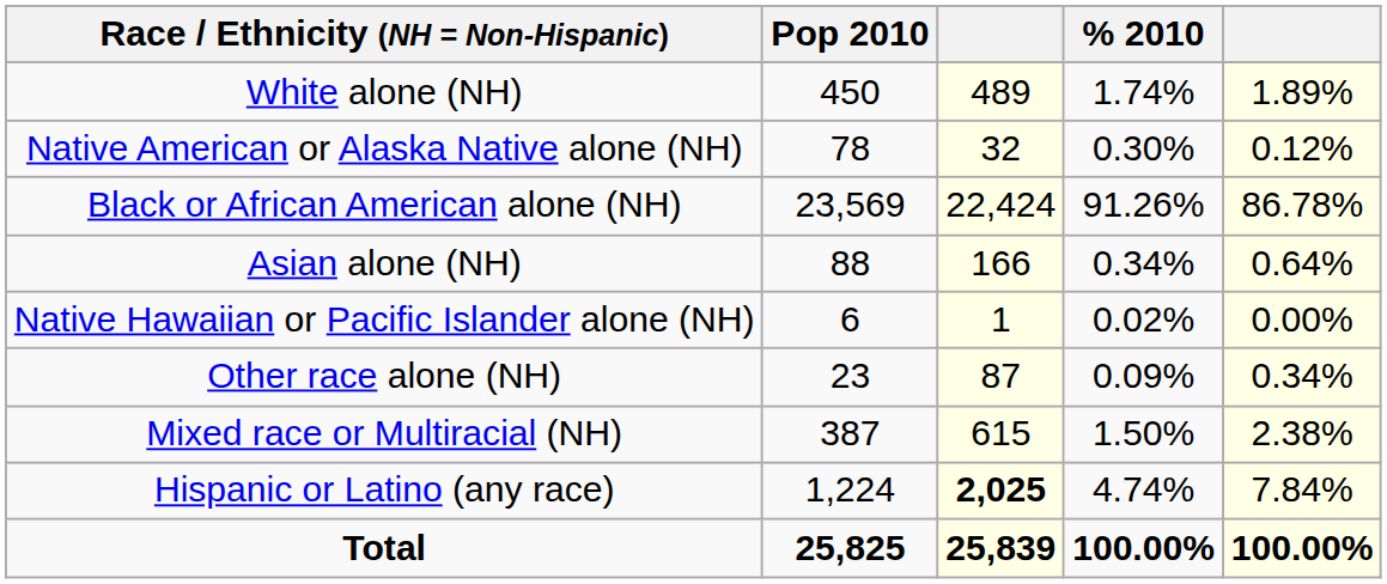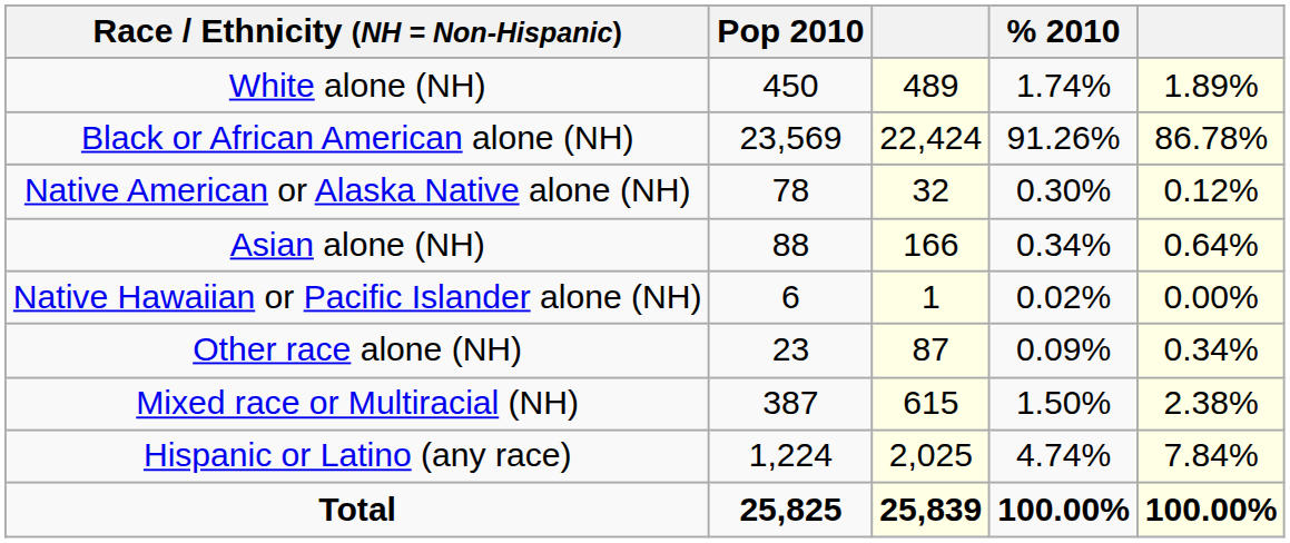 <table class="wikitable" style="text-align:center;">
 <tr>
 <th>Race / Ethnicity <small>(<em>NH = Non-Hispanic</em>)</small></th>
 <th>Pop 2010</th>
 <th></th>
 <th>% 2010</th>
 <th></th>
 </tr>
 <tr>
 <td><a href='#'>White</a> alone (NH)</td>
 <td>450</td>
 <td style='background: #ffffe6;'>489</td>
 <td>1.74%</td>
 <td style='background: #ffffe6;'>1.89%</td>
 </tr>
 <tr>
+<td><a href='#'>Black or African American</a> alone (NH)</td>
+<td>23,569</td>
+<td style='background: #ffffe6;'>22,424</td>
+<td>91.26%</td>
+<td style='background: #ffffe6;'>86.78%</td>
+</tr>
+<tr>
 <td><a href='#'>Native American</a> or <a href='#'>Alaska Native</a> alone (NH)</td>
 <td>78</td>
 <td style='background: #ffffe6;'>32</td>
 <td>0.30%</td>
 <td style='background: #ffffe6;'>0.12%</td>
-</tr>
-<tr>
-<td><a href='#'>Black or African American</a> alone (NH)</td>
-<td>23,569</td>
-<td style='background: #ffffe6;'>22,424</td>
-<td>91.26%</td>
-<td style='background: #ffffe6;'>86.78%</td>
 </tr>
 <tr>
 <td><a href='#'>Asian</a> alone (NH)</td>
 <td>88</td>
 <td style='background: #ffffe6;'>166</td>
 <td>0.34%</td>
 <td style='background: #ffffe6;'>0.64%</td>
 </tr>
 <tr>
 <td><a href='#'>Native Hawaiian</a> or <a href='#'>Pacific Islander</a> alone (NH)</td>
 <td>6</td>
 <td style='background: #ffffe6;'>1</td>
 <td>0.02%</td>
 <td style='background: #ffffe6;'>0.00%</td>
 </tr>
 <tr>
 <td><a href='#'>Other race</a> alone (NH)</td>
 <td>23</td>
 <td style='background: #ffffe6;'>87</td>
 <td>0.09%</td>
 <td style='background: #ffffe6;'>0.34%</td>
 </tr>
 <tr>
 <td><a href='#'>Mixed race or Multiracial</a> (NH)</td>
 <td>387</td>
 <td style='background: #ffffe6;'>615</td>
 <td>1.50%</td>
 <td style='background: #ffffe6;'>2.38%</td>
 </tr>
 <tr>
 <td><a href='#'>Hispanic or Latino</a> (any race)</td>
 <td>1,224</td>
-<td style='background: #ffffe6;'><strong>2,025</strong></td>
+<td style='background: #ffffe6;'>2,025</td>
 <td>4.74%</td>
 <td style='background: #ffffe6;'>7.84%</td>
 </tr>
 <tr>
 <td><strong>Total</strong></td>
 <td><strong>25,825</strong></td>
 <td style='background: #ffffe6;'><strong>25,839</strong></td>
 <td><strong>100.00%</strong></td>
 <td style='background: #ffffe6;'><strong>100.00%</strong></td>
 </tr>
 </table>
